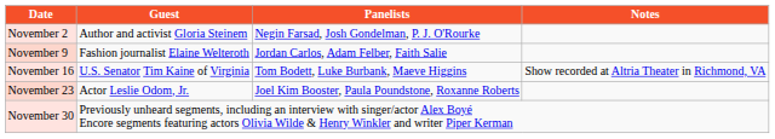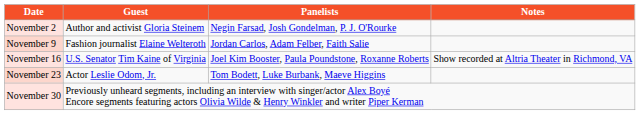 <table class="wikitable">
 <tr>
 <th style="background:#F55029;color:#FFFFFF;">Date</th>
 <th style="background:#F55029;color:#FFFFFF;">Guest</th>
 <th style="background:#F55029;color:#FFFFFF;">Panelists</th>
 <th style="background:#F55029;color:#FFFFFF;">Notes</th>
 </tr>
 <tr>
 <td style="background:#FFE3DF;color:#000000;">November 2</td>
 <td>Author and activist <a href='#'>Gloria Steinem</a></td>
 <td><a href='#'>Negin Farsad</a>, <a href='#'>Josh Gondelman</a>, <a href='#'>P. J. O'Rourke</a></td>
 <td></td>
 </tr>
 <tr>
 <td style="background:#FDD6CC;color:#000000;">November 9</td>
 <td>Fashion journalist <a href='#'>Elaine Welteroth</a></td>
 <td><a href='#'>Jordan Carlos</a>, <a href='#'>Adam Felber</a>, <a href='#'>Faith Salie</a></td>
 <td></td>
 </tr>
 <tr>
 <td style="background:#FFE3DF;color:#000000;">November 16</td>
 <td><a href='#'>U.S. Senator</a> <a href='#'>Tim Kaine</a> of <a href='#'>Virginia</a></td>
-<td><a href='#'>Tom Bodett</a>, <a href='#'>Luke Burbank</a>, <a href='#'>Maeve Higgins</a></td>
+<td><a href='#'>Joel Kim Booster</a>, <a href='#'>Paula Poundstone</a>, <a href='#'>Roxanne Roberts</a></td>
 <td>Show recorded at <a href='#'>Altria Theater</a> in <a href='#'>Richmond, VA</a></td>
 </tr>
 <tr>
 <td style="background:#FDD6CC;color:#000000;">November 23</td>
 <td>Actor <a href='#'>Leslie Odom, Jr.</a></td>
-<td><a href='#'>Joel Kim Booster</a>, <a href='#'>Paula Poundstone</a>, <a href='#'>Roxanne Roberts</a></td>
+<td><a href='#'>Tom Bodett</a>, <a href='#'>Luke Burbank</a>, <a href='#'>Maeve Higgins</a></td>
 <td></td>
 </tr>
 <tr>
 <td style="background:#FFE3DF;color:#000000;">November 30</td>
 <td colspan=3>Previously unheard segments, including an interview with singer/actor <a href='#'>Alex Boyé</a><br>Encore segments featuring actors <a href='#'>Olivia Wilde</a> & <a href='#'>Henry Winkler</a> and writer <a href='#'>Piper Kerman</a></td>
 </tr>
 </table>
